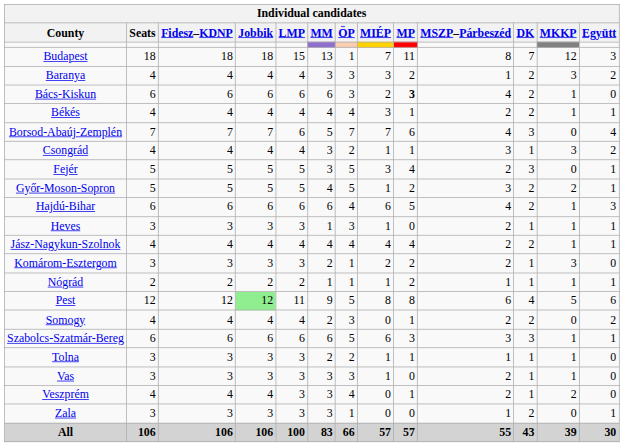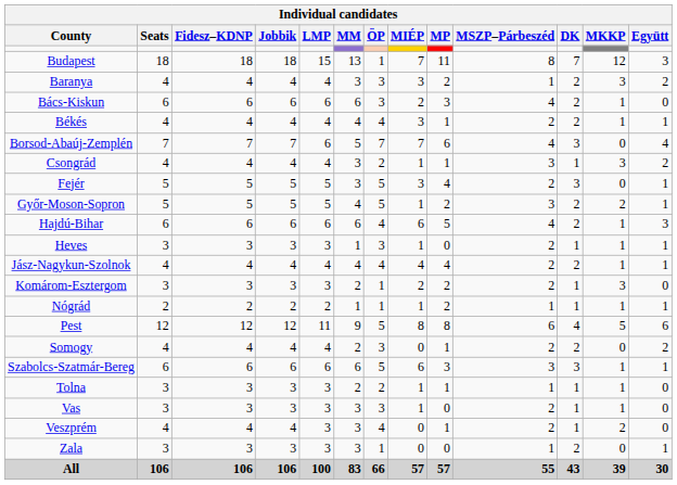 <table class="wikitable sortable collapsible collapsed center" style="text-align:center;">
 <tr style="background:lightgrey;">
 <th colspan="14">Individual candidates</th>
 </tr>
 <tr style="background:#e9e9e9;">
 <th>County</th>
 <th>Seats</th>
 <th><a href='#'>Fidesz</a>–<a href='#'>KDNP</a></th>
 <th><a href='#'>Jobbik</a></th>
 <th><a href='#'>LMP</a></th>
 <th><a href='#'>MM</a></th>
 <th><a href='#'>ÖP</a></th>
 <th><a href='#'>MIÉP</a></th>
 <th><a href='#'>MP</a></th>
 <th><a href='#'>MSZP</a>–<a href='#'>Párbeszéd</a></th>
 <th><a href='#'>DK</a></th>
 <th><a href='#'>MKKP</a></th>
 <th><a href='#'>Együtt</a></th>
 </tr>
 <tr>
 <td></td>
 <td></td>
 <td></td>
 <td></td>
 <td></td>
 <td style="background:#8e6fce;"></td>
 <td style="background:#fbceb1;"></td>
 <td style="background:#ffd200;"></td>
 <td style="background:red;"></td>
 <td></td>
 <td></td>
 <td style="background:grey;"></td>
 <td></td>
 </tr>
 <tr>
 <td><a href='#'>Budapest</a></td>
 <td align="right">18</td>
 <td align="right">18</td>
 <td align="right">18</td>
 <td align="right">15</td>
 <td align="right">13</td>
 <td align="right">1</td>
 <td align="right">7</td>
 <td align="right">11</td>
 <td align="right">8</td>
 <td align="right">7</td>
 <td align="right">12</td>
 <td align="right">3</td>
 </tr>
 <tr>
 <td><a href='#'>Baranya</a></td>
 <td align="right">4</td>
 <td align="right">4</td>
 <td align="right">4</td>
 <td align="right">4</td>
 <td align="right">3</td>
 <td align="right">3</td>
 <td align="right">3</td>
 <td align="right">2</td>
 <td align="right">1</td>
 <td align="right">2</td>
 <td align="right">3</td>
 <td align="right">2</td>
 </tr>
 <tr>
 <td><a href='#'>Bács-Kiskun</a></td>
 <td align="right">6</td>
 <td align="right">6</td>
 <td align="right">6</td>
 <td align="right">6</td>
 <td align="right">6</td>
 <td align="right">3</td>
 <td align="right">2</td>
-<td align="right"><strong>3</strong></td>
+<td align="right">3</td>
 <td align="right">4</td>
 <td align="right">2</td>
 <td align="right">1</td>
 <td align="right">0</td>
 </tr>
 <tr>
 <td><a href='#'>Békés</a></td>
 <td align="right">4</td>
 <td align="right">4</td>
 <td align="right">4</td>
 <td align="right">4</td>
 <td align="right">4</td>
 <td align="right">4</td>
 <td align="right">3</td>
 <td align="right">1</td>
 <td align="right">2</td>
 <td align="right">2</td>
 <td align="right">1</td>
 <td align="right">1</td>
 </tr>
 <tr>
 <td><a href='#'>Borsod-Abaúj-Zemplén</a></td>
 <td align="right">7</td>
 <td align="right">7</td>
 <td align="right">7</td>
 <td align="right">6</td>
 <td align="right">5</td>
 <td align="right">7</td>
 <td align="right">7</td>
 <td align="right">6</td>
 <td align="right">4</td>
 <td align="right">3</td>
 <td align="right">0</td>
 <td align="right">4</td>
 </tr>
 <tr>
 <td><a href='#'>Csongrád</a></td>
 <td align="right">4</td>
 <td align="right">4</td>
 <td align="right">4</td>
 <td align="right">4</td>
 <td align="right">3</td>
 <td align="right">2</td>
 <td align="right">1</td>
 <td align="right">1</td>
 <td align="right">3</td>
 <td align="right">1</td>
 <td align="right">3</td>
 <td align="right">2</td>
 </tr>
 <tr>
 <td><a href='#'>Fejér</a></td>
 <td align="right">5</td>
 <td align="right">5</td>
 <td align="right">5</td>
 <td align="right">5</td>
 <td align="right">3</td>
 <td align="right">5</td>
 <td align="right">3</td>
 <td align="right">4</td>
 <td align="right">2</td>
 <td align="right">3</td>
 <td align="right">0</td>
 <td align="right">1</td>
 </tr>
 <tr>
 <td><a href='#'>Győr-Moson-Sopron</a></td>
 <td align="right">5</td>
 <td align="right">5</td>
 <td align="right">5</td>
 <td align="right">5</td>
 <td align="right">4</td>
 <td align="right">5</td>
 <td align="right">1</td>
 <td align="right">2</td>
 <td align="right">3</td>
 <td align="right">2</td>
 <td align="right">2</td>
 <td align="right">1</td>
 </tr>
 <tr>
 <td><a href='#'>Hajdú-Bihar</a></td>
 <td align="right">6</td>
 <td align="right">6</td>
 <td align="right">6</td>
 <td align="right">6</td>
 <td align="right">6</td>
 <td align="right">4</td>
 <td align="right">6</td>
 <td align="right">5</td>
 <td align="right">4</td>
 <td align="right">2</td>
 <td align="right">1</td>
 <td align="right">3</td>
 </tr>
 <tr>
 <td><a href='#'>Heves</a></td>
 <td align="right">3</td>
 <td align="right">3</td>
 <td align="right">3</td>
 <td align="right">3</td>
 <td align="right">1</td>
 <td align="right">3</td>
 <td align="right">1</td>
 <td align="right">0</td>
 <td align="right">2</td>
 <td align="right">1</td>
 <td align="right">1</td>
 <td align="right">1</td>
 </tr>
 <tr>
 <td><a href='#'>Jász-Nagykun-Szolnok</a></td>
 <td align="right">4</td>
 <td align="right">4</td>
 <td align="right">4</td>
 <td align="right">4</td>
 <td align="right">4</td>
 <td align="right">4</td>
 <td align="right">4</td>
 <td align="right">4</td>
 <td align="right">2</td>
 <td align="right">2</td>
 <td align="right">1</td>
 <td align="right">1</td>
 </tr>
 <tr>
 <td><a href='#'>Komárom-Esztergom</a></td>
 <td align="right">3</td>
 <td align="right">3</td>
 <td align="right">3</td>
 <td align="right">3</td>
 <td align="right">2</td>
 <td align="right">1</td>
 <td align="right">2</td>
 <td align="right">2</td>
 <td align="right">2</td>
 <td align="right">1</td>
 <td align="right">3</td>
 <td align="right">0</td>
 </tr>
 <tr>
 <td><a href='#'>Nógrád</a></td>
 <td align="right">2</td>
 <td align="right">2</td>
 <td align="right">2</td>
 <td align="right">2</td>
 <td align="right">1</td>
 <td align="right">1</td>
 <td align="right">1</td>
 <td align="right">2</td>
 <td align="right">1</td>
 <td align="right">1</td>
 <td align="right">1</td>
 <td align="right">1</td>
 </tr>
 <tr>
 <td><a href='#'>Pest</a></td>
 <td align="right">12</td>
 <td align="right">12</td>
-<td align="right" style="background: lightgreen;">12</td>
+<td align="right">12</td>
 <td align="right">11</td>
 <td align="right">9</td>
 <td align="right">5</td>
 <td align="right">8</td>
 <td align="right">8</td>
 <td align="right">6</td>
 <td align="right">4</td>
 <td align="right">5</td>
 <td align="right">6</td>
 </tr>
 <tr>
 <td><a href='#'>Somogy</a></td>
 <td align="right">4</td>
 <td align="right">4</td>
 <td align="right">4</td>
 <td align="right">4</td>
 <td align="right">2</td>
 <td align="right">3</td>
 <td align="right">0</td>
 <td align="right">1</td>
 <td align="right">2</td>
 <td align="right">2</td>
 <td align="right">0</td>
 <td align="right">2</td>
 </tr>
 <tr>
 <td><a href='#'>Szabolcs-Szatmár-Bereg</a></td>
 <td align="right">6</td>
 <td align="right">6</td>
 <td align="right">6</td>
 <td align="right">6</td>
 <td align="right">6</td>
 <td align="right">5</td>
 <td align="right">6</td>
 <td align="right">3</td>
 <td align="right">3</td>
 <td align="right">3</td>
 <td align="right">1</td>
 <td align="right">1</td>
 </tr>
 <tr>
 <td><a href='#'>Tolna</a></td>
 <td align="right">3</td>
 <td align="right">3</td>
 <td align="right">3</td>
 <td align="right">3</td>
 <td align="right">2</td>
 <td align="right">2</td>
 <td align="right">1</td>
 <td align="right">1</td>
 <td align="right">1</td>
 <td align="right">1</td>
 <td align="right">1</td>
 <td align="right">0</td>
 </tr>
 <tr>
 <td><a href='#'>Vas</a></td>
 <td align="right">3</td>
 <td align="right">3</td>
 <td align="right">3</td>
 <td align="right">3</td>
 <td align="right">3</td>
 <td align="right">3</td>
 <td align="right">1</td>
 <td align="right">0</td>
 <td align="right">2</td>
 <td align="right">1</td>
 <td align="right">1</td>
 <td align="right">0</td>
 </tr>
 <tr>
 <td><a href='#'>Veszprém</a></td>
 <td align="right">4</td>
 <td align="right">4</td>
 <td align="right">4</td>
 <td align="right">3</td>
 <td align="right">3</td>
 <td align="right">4</td>
 <td align="right">0</td>
 <td align="right">1</td>
 <td align="right">2</td>
 <td align="right">1</td>
 <td align="right">2</td>
 <td align="right">0</td>
 </tr>
 <tr>
 <td><a href='#'>Zala</a></td>
 <td align="right">3</td>
 <td align="right">3</td>
 <td align="right">3</td>
 <td align="right">3</td>
 <td align="right">3</td>
 <td align="right">1</td>
 <td align="right">0</td>
 <td align="right">0</td>
 <td align="right">1</td>
 <td align="right">2</td>
 <td align="right">0</td>
 <td align="right">1</td>
 </tr>
 <tr style="background:lightgrey;">
 <td><strong>All</strong></td>
 <td align="right"><strong>106</strong></td>
 <td align="right"><strong>106</strong></td>
 <td align="right"><strong>106</strong></td>
 <td align="right"><strong>100</strong></td>
 <td align="right"><strong>83</strong></td>
 <td align="right"><strong>66</strong></td>
 <td align="right"><strong>57</strong></td>
 <td align="right"><strong>57</strong></td>
 <td align="right"><strong>55</strong></td>
 <td align="right"><strong>43</strong></td>
 <td align="right"><strong>39</strong></td>
 <td align="right"><strong>30</strong></td>
 </tr>
 </table>
